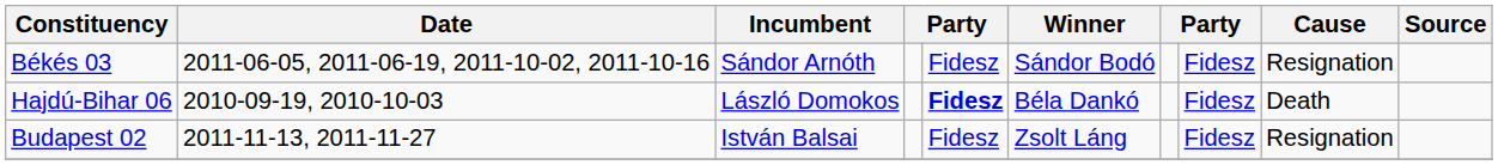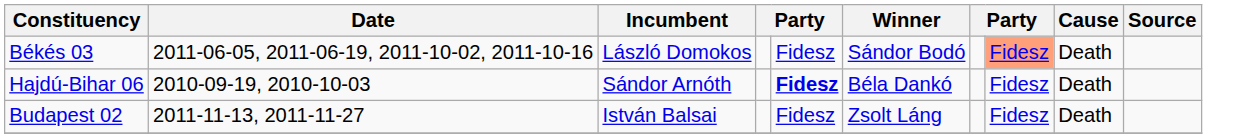 <table class="wikitable">
 <tr>
 <th>Constituency</th>
 <th>Date</th>
 <th>Incumbent</th>
 <th colspan=2>Party</th>
 <th>Winner</th>
 <th colspan=2>Party</th>
 <th>Cause</th>
 <th>Source</th>
 </tr>
 <tr>
 <td><a href='#'>Békés 03</a></td>
 <td>2011-06-05, 2011-06-19, 2011-10-02, 2011-10-16</td>
-<td><a href='#'>Sándor Arnóth</a></td>
+<td><a href='#'>László Domokos</a></td>
 <td style="background-color:"> </td>
 <td><a href='#'>Fidesz</a></td>
 <td><a href='#'>Sándor Bodó</a></td>
 <td style="background-color:"> </td>
-<td><a href='#'>Fidesz</a></td>
-<td>Resignation</td>
+<td style="background: lightsalmon;"><a href='#'>Fidesz</a></td>
+<td>Death</td>
 <td></td>
 </tr>
 <tr>
 <td><a href='#'>Hajdú-Bihar 06</a></td>
 <td>2010-09-19, 2010-10-03</td>
-<td><a href='#'>László Domokos</a></td>
+<td><a href='#'>Sándor Arnóth</a></td>
 <td style="background-color:"> </td>
 <td><strong><a href='#'>Fidesz</a></strong></td>
 <td><a href='#'>Béla Dankó</a></td>
 <td style="background-color:"> </td>
 <td><a href='#'>Fidesz</a></td>
 <td>Death</td>
 <td></td>
 </tr>
 <tr>
 <td><a href='#'>Budapest 02</a></td>
 <td>2011-11-13, 2011-11-27</td>
 <td><a href='#'>István Balsai</a></td>
 <td style="background-color:"> </td>
 <td><a href='#'>Fidesz</a></td>
 <td><a href='#'>Zsolt Láng</a></td>
 <td style="background-color:"> </td>
 <td><a href='#'>Fidesz</a></td>
-<td>Resignation</td>
+<td>Death</td>
 <td></td>
 </tr>
 <tr>
 </tr>
 </table>
